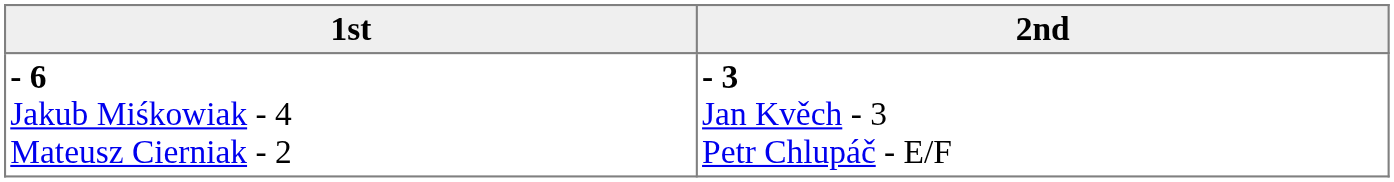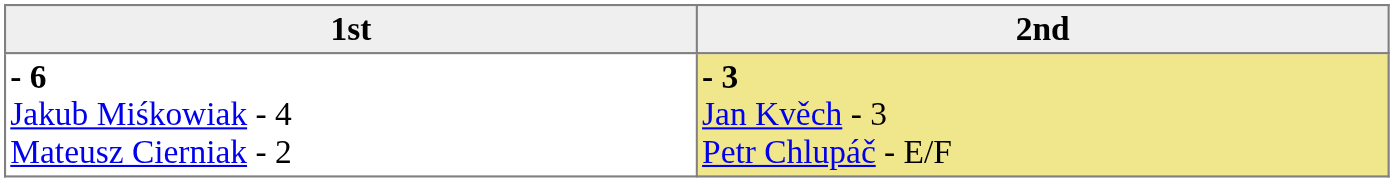 <table border="1" cellpadding="2" cellspacing="0"  style="width:75%; border-collapse:collapse;">
 <tr style="text-align:left; background:#efefef;">
 <th width=15% align=center >1st</th>
 <th width=15% align=center >2nd</th>
 </tr>
 <tr align=left>
 <td valign=top align=left ><strong> - 6</strong><br><a href='#'>Jakub Miśkowiak</a> - 4<br><a href='#'>Mateusz Cierniak</a> - 2</td>
-<td valign=top align=left ><strong> - 3</strong><br><a href='#'>Jan Kvěch</a> - 3<br><a href='#'>Petr Chlupáč</a> - E/F</td>
+<td valign=top align=left  style="background: khaki;"><strong> - 3</strong><br><a href='#'>Jan Kvěch</a> - 3<br><a href='#'>Petr Chlupáč</a> - E/F</td>
 </tr>
 </table>
